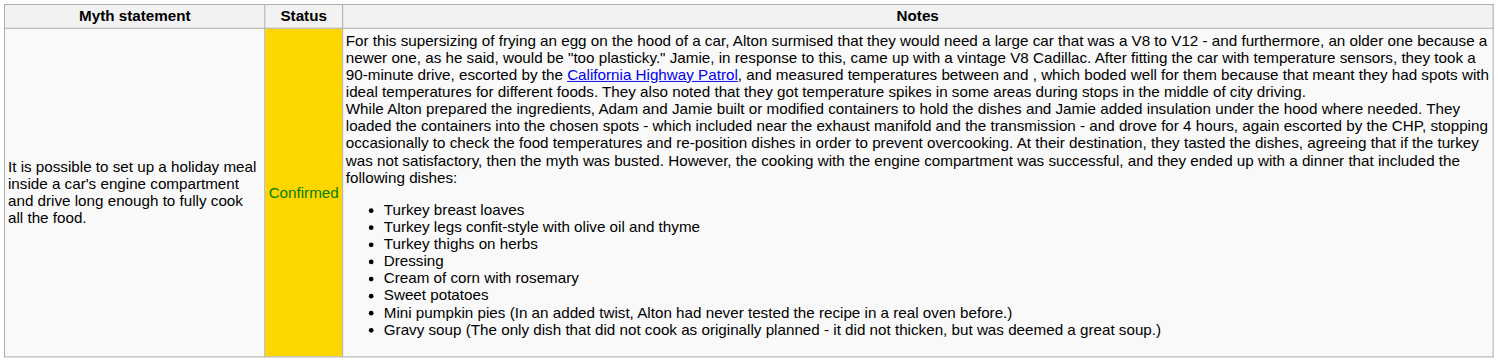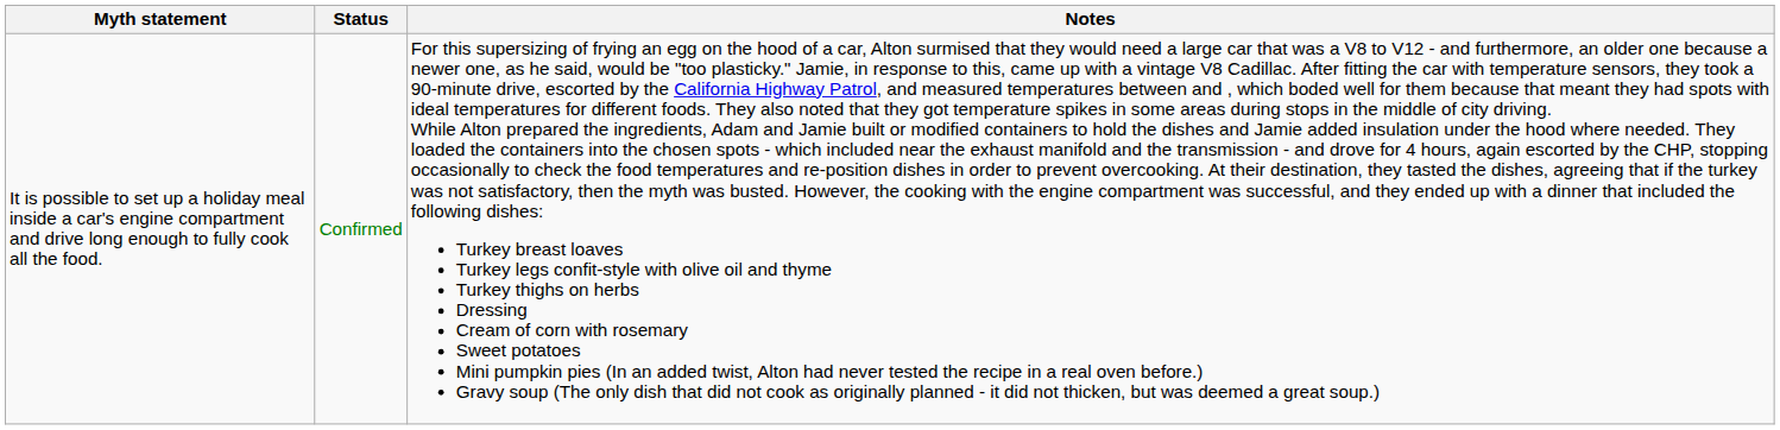 <table class="wikitable plainrowheaders">
 <tr>
 <th>Myth statement</th>
 <th>Status</th>
 <th>Notes</th>
 </tr>
 <tr>
 <td>It is possible to set up a holiday meal inside a car's engine compartment and drive long enough to fully cook all the food.</td>
-<td style="background: gold; color:green">Confirmed</td>
+<td style="color:green">Confirmed</td>
 <td>For this supersizing of frying an egg on the hood of a car, Alton surmised that they would need a large car that was a V8 to V12 - and furthermore, an older one because a newer one, as he said, would be "too plasticky." Jamie, in response to this, came up with a vintage V8 Cadillac. After fitting the car with temperature sensors, they took a 90-minute drive, escorted by the <a href='#'>California Highway Patrol</a>, and measured temperatures between  and , which boded well for them because that meant they had spots with ideal temperatures for different foods. They also noted that they got temperature spikes in some areas during stops in the middle of city driving.<br>While Alton prepared the ingredients, Adam and Jamie built or modified containers to hold the dishes and Jamie added insulation under the hood where needed. They loaded the containers into the chosen spots - which included near the exhaust manifold and the transmission - and drove for 4 hours, again escorted by the CHP, stopping occasionally to check the food temperatures and re-position dishes in order to prevent overcooking. At their destination, they tasted the dishes, agreeing that if the turkey was not satisfactory, then the myth was busted. However, the cooking with the engine compartment was successful, and they ended up with a dinner that included the following dishes:<ul><li>Turkey breast loaves</li><li>Turkey legs confit-style with olive oil and thyme</li><li>Turkey thighs on herbs</li><li>Dressing</li><li>Cream of corn with rosemary</li><li>Sweet potatoes</li><li>Mini pumpkin pies (In an added twist, Alton had never tested the recipe in a real oven before.)</li><li>Gravy soup (The only dish that did not cook as originally planned - it did not thicken, but was deemed a great soup.)</li></ul></td>
 </tr>
 </table>
